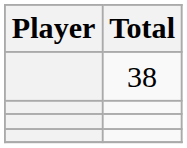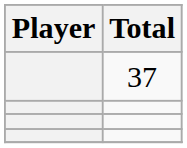 <table class="sortable wikitable plainrowheaders">
 <tr>
 <th scope="col">Player</th>
 <th scope="col">Total</th>
 </tr>
 <tr>
 <th scope="row"></th>
-<td style="text-align:center;">38</td>
+<td style="text-align:center;">37</td>
 </tr>
 <tr>
 <th scope="row"></th>
 <td style="text-align:center;"></td>
 </tr>
 <tr>
 <th scope="row"></th>
 <td style="text-align:center;"></td>
 </tr>
 <tr>
 <th scope="row"></th>
 <td style="text-align:center;"></td>
 </tr>
 <tr>
 </tr>
 </table>
